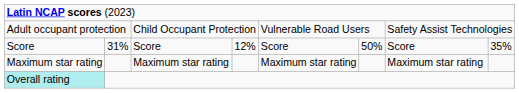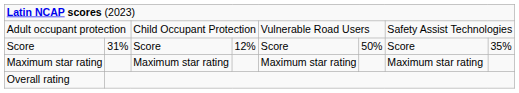 <table class="wikitable">
 <tr>
 <td colspan="8"><strong><a href='#'>Latin NCAP</a> scores</strong> (2023)</td>
 </tr>
 <tr>
 <td colspan="2">Adult occupant protection</td>
 <td colspan="2">Child Occupant Protection</td>
 <td colspan="2">Vulnerable Road Users</td>
 <td colspan="2">Safety Assist Technologies</td>
 </tr>
 <tr>
 <td>Score</td>
 <td>31%</td>
 <td>Score</td>
 <td>12%</td>
 <td>Score</td>
 <td>50%</td>
 <td>Score</td>
 <td>35%</td>
 </tr>
 <tr>
 <td>Maximum star rating</td>
 <td></td>
 <td>Maximum star rating</td>
 <td></td>
 <td>Maximum star rating</td>
 <td></td>
 <td>Maximum star rating</td>
 <td></td>
 </tr>
 <tr>
-<td style="background: paleturquoise;">Overall rating</td>
+<td>Overall rating</td>
 <td colspan="7"></td>
 </tr>
 </table>
